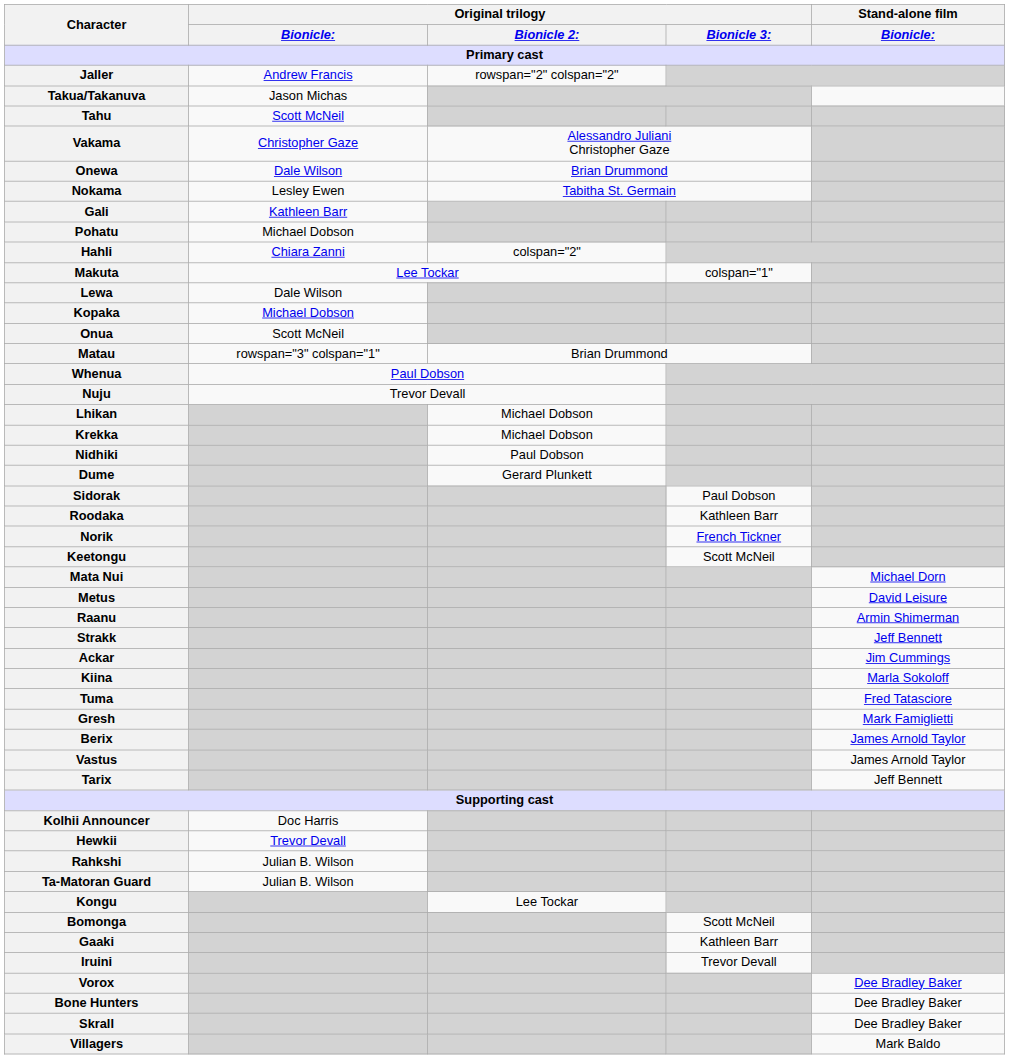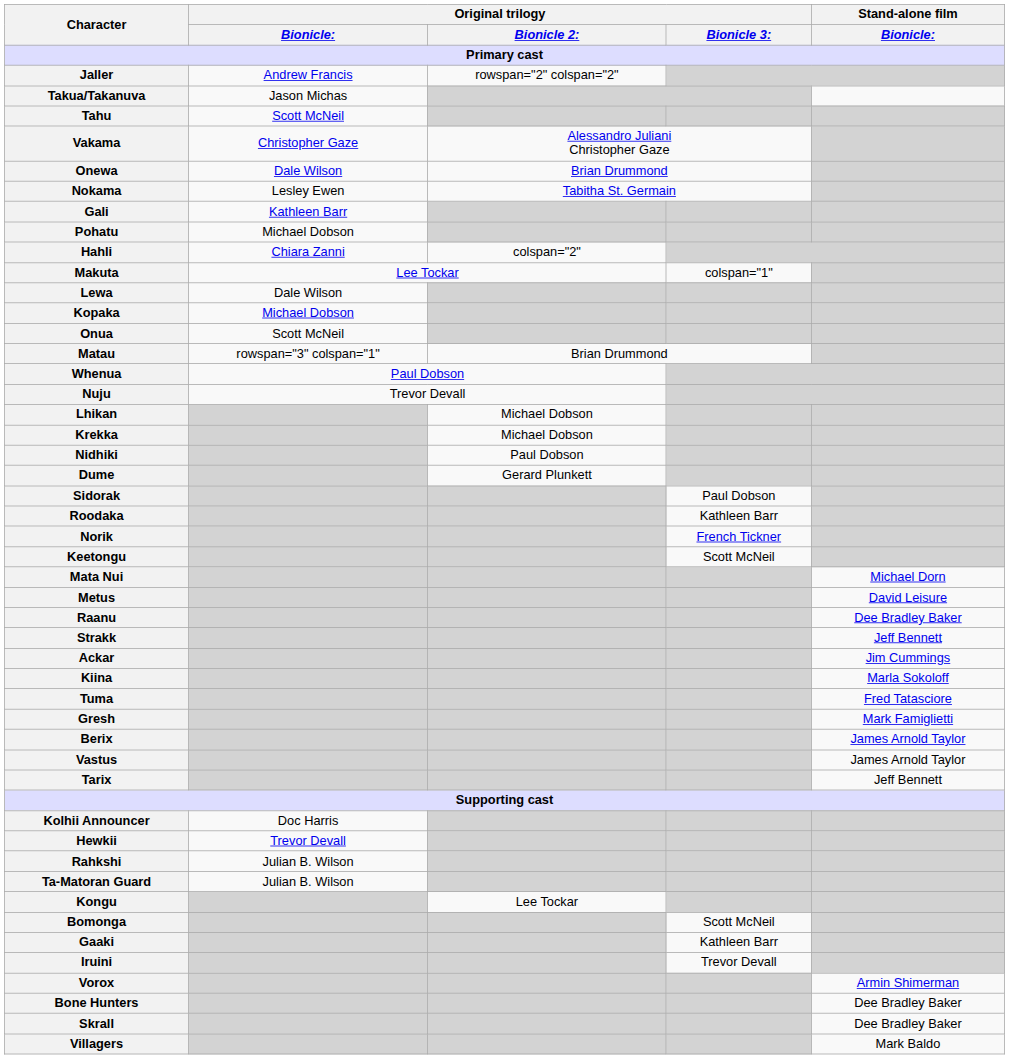 <table class="wikitable" style="text-align:center; width:99%;">
 <tr>
 <th rowspan="2">Character</th>
 <th colspan="3">Original trilogy</th>
 <th>Stand-alone film</th>
 </tr>
 <tr>
 <th><em><a href='#'>Bionicle:<br></a></em></th>
 <th><em><a href='#'>Bionicle 2:<br></a></em></th>
 <th><em><a href='#'>Bionicle 3:<br></a></em></th>
 <th><em><a href='#'>Bionicle:<br></a></em></th>
 </tr>
 <tr>
 <th colspan="5" style="background-color:#ddf;">Primary cast</th>
 </tr>
 <tr>
 <th rowspan="1">Jaller</th>
 <td><a href='#'>Andrew Francis</a></td>
 <td>rowspan="2" colspan="2" </td>
 <td rowspan="1" colspan="2" style="background-color:lightgrey;"></td>
 </tr>
 <tr>
 <th colspan="1">Takua/Takanuva</th>
 <td>Jason Michas</td>
 <td rowspan="1" colspan="2" style="background-color:lightgrey;"></td>
 </tr>
 <tr>
 <th colspan="1">Tahu</th>
 <td><a href='#'>Scott McNeil</a></td>
 <td rowspan="1" colspan="1" style="background-color:lightgrey;"></td>
 <td rowspan="1" colspan="1" style="background-color:lightgrey;"></td>
 <td rowspan="1" colspan="2" style="background-color:lightgrey;"></td>
 </tr>
 <tr>
 <th rowspan="1">Vakama</th>
 <td><a href='#'>Christopher Gaze</a></td>
 <td rowspan="1" colspan="2"><a href='#'>Alessandro Juliani</a><br>Christopher Gaze</td>
 <td rowspan="1" colspan="2" style="background-color:lightgrey;"></td>
 </tr>
 <tr>
 <th rowspan="1">Onewa</th>
 <td><a href='#'>Dale Wilson</a></td>
 <td rowspan="1" colspan="2"><a href='#'>Brian Drummond</a></td>
 <td rowspan="1" colspan="2" style="background-color:lightgrey;"></td>
 </tr>
 <tr>
 <th rowspan="1">Nokama</th>
 <td>Lesley Ewen</td>
 <td rowspan="1" colspan="2"><a href='#'>Tabitha St. Germain</a></td>
 <td rowspan="1" colspan="2" style="background-color:lightgrey;"></td>
 </tr>
 <tr>
 <th rowspan="1">Gali</th>
 <td><a href='#'>Kathleen Barr</a></td>
 <td rowspan="1" colspan="1" style="background-color:lightgrey;"></td>
 <td rowspan="1" colspan="1" style="background-color:lightgrey;"></td>
 <td rowspan="1" colspan="2" style="background-color:lightgrey;"></td>
 </tr>
 <tr>
 <th rowspan="1">Pohatu</th>
 <td>Michael Dobson</td>
 <td rowspan="1" colspan="1" style="background-color:lightgrey;"></td>
 <td rowspan="1" colspan="1" style="background-color:lightgrey;"></td>
 <td rowspan="1" colspan="2" style="background-color:lightgrey;"></td>
 </tr>
 <tr>
 <th rowspan="1">Hahli</th>
 <td><a href='#'>Chiara Zanni</a></td>
 <td>colspan="2" </td>
 <td rowspan="1" colspan="2" style="background-color:lightgrey;"></td>
 </tr>
 <tr>
 <th rowspan="1">Makuta</th>
 <td colspan="2"><a href='#'>Lee Tockar</a></td>
 <td>colspan="1" </td>
 <td rowspan="1" colspan="2" style="background-color:lightgrey;"></td>
 </tr>
 <tr>
 <th colspan="1">Lewa</th>
 <td>Dale Wilson</td>
 <td rowspan="1" colspan="1" style="background-color:lightgrey;"></td>
 <td rowspan="1" colspan="1" style="background-color:lightgrey;"></td>
 <td rowspan="1" colspan="2" style="background-color:lightgrey;"></td>
 </tr>
 <tr>
 <th colspan="1">Kopaka</th>
 <td><a href='#'>Michael Dobson</a></td>
 <td rowspan="1" colspan="1" style="background-color:lightgrey;"></td>
 <td rowspan="1" colspan="1" style="background-color:lightgrey;"></td>
 <td rowspan="1" colspan="2" style="background-color:lightgrey;"></td>
 </tr>
 <tr>
 <th colspan="1">Onua</th>
 <td>Scott McNeil</td>
 <td rowspan="1" colspan="1" style="background-color:lightgrey;"></td>
 <td rowspan="1" colspan="1" style="background-color:lightgrey;"></td>
 <td rowspan="1" colspan="2" style="background-color:lightgrey;"></td>
 </tr>
 <tr>
 <th rowspan="1">Matau</th>
 <td>rowspan="3" colspan="1" </td>
 <td rowspan="1" colspan="2">Brian Drummond</td>
 <td rowspan="1" colspan="2" style="background-color:lightgrey;"></td>
 </tr>
 <tr>
 <th rowspan="1">Whenua</th>
 <td rowspan="1" colspan="2"><a href='#'>Paul Dobson</a></td>
 <td rowspan="1" colspan="2" style="background-color:lightgrey;"></td>
 </tr>
 <tr>
 <th rowspan="1">Nuju</th>
 <td rowspan="1" colspan="2">Trevor Devall</td>
 <td rowspan="1" colspan="2" style="background-color:lightgrey;"></td>
 </tr>
 <tr>
 <th rowspan="1">Lhikan</th>
 <td rowspan="1" style="background-color:lightgrey;"></td>
 <td>Michael Dobson</td>
 <td rowspan="1" colspan="1" style="background-color:lightgrey;"></td>
 <td rowspan="1" colspan="2" style="background-color:lightgrey;"></td>
 </tr>
 <tr>
 <th rowspan="1">Krekka</th>
 <td rowspan="1" style="background-color:lightgrey;"></td>
 <td>Michael Dobson</td>
 <td rowspan="1" colspan="1" style="background-color:lightgrey;"></td>
 <td rowspan="1" colspan="2" style="background-color:lightgrey;"></td>
 </tr>
 <tr>
 <th rowspan="1">Nidhiki</th>
 <td rowspan="1" style="background-color:lightgrey;"></td>
 <td>Paul Dobson</td>
 <td rowspan="1" colspan="1" style="background-color:lightgrey;"></td>
 <td rowspan="1" colspan="2" style="background-color:lightgrey;"></td>
 </tr>
 <tr>
 <th rowspan="1">Dume</th>
 <td rowspan="1" style="background-color:lightgrey;"></td>
 <td>Gerard Plunkett</td>
 <td rowspan="1" colspan="1" style="background-color:lightgrey;"></td>
 <td rowspan="1" colspan="2" style="background-color:lightgrey;"></td>
 </tr>
 <tr>
 <th rowspan="1">Sidorak</th>
 <td rowspan="1" style="background-color:lightgrey;"></td>
 <td rowspan="1" style="background-color:lightgrey;"></td>
 <td>Paul Dobson</td>
 <td rowspan="1" colspan="1" style="background-color:lightgrey;"></td>
 </tr>
 <tr>
 <th rowspan="1">Roodaka</th>
 <td rowspan="1" style="background-color:lightgrey;"></td>
 <td rowspan="1" style="background-color:lightgrey;"></td>
 <td>Kathleen Barr</td>
 <td rowspan="1" colspan="1" style="background-color:lightgrey;"></td>
 </tr>
 <tr>
 <th rowspan="1">Norik</th>
 <td rowspan="1" style="background-color:lightgrey;"></td>
 <td rowspan="1" style="background-color:lightgrey;"></td>
 <td><a href='#'>French Tickner</a></td>
 <td rowspan="1" colspan="1" style="background-color:lightgrey;"></td>
 </tr>
 <tr>
 <th rowspan="1">Keetongu</th>
 <td rowspan="1" style="background-color:lightgrey;"></td>
 <td rowspan="1" style="background-color:lightgrey;"></td>
 <td>Scott McNeil</td>
 <td rowspan="1" colspan="1" style="background-color:lightgrey;"></td>
 </tr>
 <tr>
 <th rowspan="1">Mata Nui</th>
 <td rowspan="1" colspan="1" style="background-color:lightgrey;"></td>
 <td rowspan="1" colspan="1" style="background-color:lightgrey;"></td>
 <td rowspan="1" colspan="1" style="background-color:lightgrey;"></td>
 <td><a href='#'>Michael Dorn</a></td>
 </tr>
 <tr>
 <th rowspan="1">Metus</th>
 <td rowspan="1" colspan="1" style="background-color:lightgrey;"></td>
 <td rowspan="1" colspan="1" style="background-color:lightgrey;"></td>
 <td rowspan="1" colspan="1" style="background-color:lightgrey;"></td>
 <td><a href='#'>David Leisure</a></td>
 </tr>
 <tr>
 <th rowspan="1">Raanu</th>
 <td rowspan="1" colspan="1" style="background-color:lightgrey;"></td>
 <td rowspan="1" colspan="1" style="background-color:lightgrey;"></td>
 <td rowspan="1" colspan="1" style="background-color:lightgrey;"></td>
-<td><a href='#'>Armin Shimerman</a></td>
+<td><a href='#'>Dee Bradley Baker</a></td>
 </tr>
 <tr>
 <th rowspan="1">Strakk</th>
 <td rowspan="1" colspan="1" style="background-color:lightgrey;"></td>
 <td rowspan="1" colspan="1" style="background-color:lightgrey;"></td>
 <td rowspan="1" colspan="1" style="background-color:lightgrey;"></td>
 <td><a href='#'>Jeff Bennett</a></td>
 </tr>
 <tr>
 <th rowspan="1">Ackar</th>
 <td rowspan="1" colspan="1" style="background-color:lightgrey;"></td>
 <td rowspan="1" colspan="1" style="background-color:lightgrey;"></td>
 <td rowspan="1" colspan="1" style="background-color:lightgrey;"></td>
 <td><a href='#'>Jim Cummings</a></td>
 </tr>
 <tr>
 <th rowspan="1">Kiina</th>
 <td rowspan="1" colspan="1" style="background-color:lightgrey;"></td>
 <td rowspan="1" colspan="1" style="background-color:lightgrey;"></td>
 <td rowspan="1" colspan="1" style="background-color:lightgrey;"></td>
 <td><a href='#'>Marla Sokoloff</a></td>
 </tr>
 <tr>
 <th rowspan="1">Tuma</th>
 <td rowspan="1" colspan="1" style="background-color:lightgrey;"></td>
 <td rowspan="1" colspan="1" style="background-color:lightgrey;"></td>
 <td rowspan="1" colspan="1" style="background-color:lightgrey;"></td>
 <td><a href='#'>Fred Tatasciore</a></td>
 </tr>
 <tr>
 <th rowspan="1">Gresh</th>
 <td rowspan="1" colspan="1" style="background-color:lightgrey;"></td>
 <td rowspan="1" colspan="1" style="background-color:lightgrey;"></td>
 <td rowspan="1" colspan="1" style="background-color:lightgrey;"></td>
 <td><a href='#'>Mark Famiglietti</a></td>
 </tr>
 <tr>
 <th rowspan="1">Berix</th>
 <td rowspan="1" colspan="1" style="background-color:lightgrey;"></td>
 <td rowspan="1" colspan="1" style="background-color:lightgrey;"></td>
 <td rowspan="1" colspan="1" style="background-color:lightgrey;"></td>
 <td><a href='#'>James Arnold Taylor</a></td>
 </tr>
 <tr>
 <th rowspan="1">Vastus</th>
 <td rowspan="1" colspan="1" style="background-color:lightgrey;"></td>
 <td rowspan="1" colspan="1" style="background-color:lightgrey;"></td>
 <td rowspan="1" colspan="1" style="background-color:lightgrey;"></td>
 <td>James Arnold Taylor</td>
 </tr>
 <tr>
 <th rowspan="1">Tarix</th>
 <td rowspan="1" colspan="1" style="background-color:lightgrey;"></td>
 <td rowspan="1" colspan="1" style="background-color:lightgrey;"></td>
 <td rowspan="1" colspan="1" style="background-color:lightgrey;"></td>
 <td>Jeff Bennett</td>
 </tr>
 <tr>
 <th colspan="7" style="background-color:#ddf;">Supporting cast</th>
 </tr>
 <tr>
 <th colspan="1">Kolhii Announcer</th>
 <td>Doc Harris</td>
 <td rowspan="1" colspan="1" style="background-color:lightgrey;"></td>
 <td rowspan="1" colspan="1" style="background-color:lightgrey;"></td>
 <td rowspan="1" colspan="1" style="background-color:lightgrey;"></td>
 </tr>
 <tr>
 <th colspan="1">Hewkii</th>
 <td><a href='#'>Trevor Devall</a></td>
 <td rowspan="1" colspan="1" style="background-color:lightgrey;"></td>
 <td rowspan="1" colspan="1" style="background-color:lightgrey;"></td>
 <td rowspan="1" colspan="1" style="background-color:lightgrey;"></td>
 </tr>
 <tr>
 <th colspan="1">Rahkshi</th>
 <td>Julian B. Wilson</td>
 <td rowspan="1" colspan="1" style="background-color:lightgrey;"></td>
 <td rowspan="1" colspan="1" style="background-color:lightgrey;"></td>
 <td rowspan="1" colspan="1" style="background-color:lightgrey;"></td>
 </tr>
 <tr>
 <th colspan="1">Ta-Matoran Guard</th>
 <td>Julian B. Wilson</td>
 <td rowspan="1" colspan="1" style="background-color:lightgrey;"></td>
 <td rowspan="1" colspan="1" style="background-color:lightgrey;"></td>
 <td rowspan="1" colspan="1" style="background-color:lightgrey;"></td>
 </tr>
 <tr>
 <th rowspan="1">Kongu</th>
 <td rowspan="1" style="background-color:lightgrey;"></td>
 <td>Lee Tockar</td>
 <td rowspan="1" colspan="1" style="background-color:lightgrey;"></td>
 <td rowspan="1" colspan="1" style="background-color:lightgrey;"></td>
 </tr>
 <tr>
 <th rowspan="1">Bomonga</th>
 <td rowspan="1" style="background-color:lightgrey;"></td>
 <td rowspan="1" colspan="1" style="background-color:lightgrey;"></td>
 <td>Scott McNeil</td>
 <td rowspan="1" colspan="1" style="background-color:lightgrey;"></td>
 </tr>
 <tr>
 <th rowspan="1">Gaaki</th>
 <td rowspan="1" style="background-color:lightgrey;"></td>
 <td rowspan="1" colspan="1" style="background-color:lightgrey;"></td>
 <td>Kathleen Barr</td>
 <td rowspan="1" colspan="1" style="background-color:lightgrey;"></td>
 </tr>
 <tr>
 <th rowspan="1">Iruini</th>
 <td rowspan="1" style="background-color:lightgrey;"></td>
 <td rowspan="1" colspan="1" style="background-color:lightgrey;"></td>
 <td>Trevor Devall</td>
 <td rowspan="1" colspan="1" style="background-color:lightgrey;"></td>
 </tr>
 <tr>
 <th rowspan="1">Vorox</th>
 <td rowspan="1" colspan="1" style="background-color:lightgrey;"></td>
 <td rowspan="1" colspan="1" style="background-color:lightgrey;"></td>
 <td rowspan="1" colspan="1" style="background-color:lightgrey;"></td>
-<td><a href='#'>Dee Bradley Baker</a></td>
+<td><a href='#'>Armin Shimerman</a></td>
 </tr>
 <tr>
 <th rowspan="1">Bone Hunters</th>
 <td rowspan="1" colspan="1" style="background-color:lightgrey;"></td>
 <td rowspan="1" colspan="1" style="background-color:lightgrey;"></td>
 <td rowspan="1" colspan="1" style="background-color:lightgrey;"></td>
 <td>Dee Bradley Baker</td>
 </tr>
 <tr>
 <th rowspan="1">Skrall</th>
 <td rowspan="1" colspan="1" style="background-color:lightgrey;"></td>
 <td rowspan="1" colspan="1" style="background-color:lightgrey;"></td>
 <td rowspan="1" colspan="1" style="background-color:lightgrey;"></td>
 <td>Dee Bradley Baker</td>
 </tr>
 <tr>
 <th rowspan="1">Villagers</th>
 <td rowspan="1" colspan="1" style="background-color:lightgrey;"></td>
 <td rowspan="1" colspan="1" style="background-color:lightgrey;"></td>
 <td rowspan="1" colspan="1" style="background-color:lightgrey;"></td>
 <td>Mark Baldo</td>
 </tr>
 </table>
